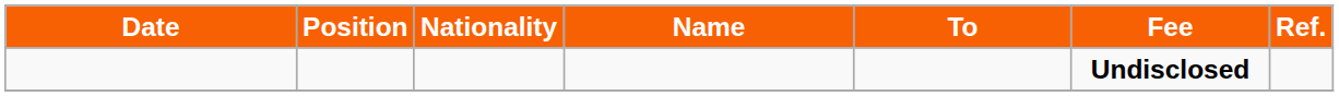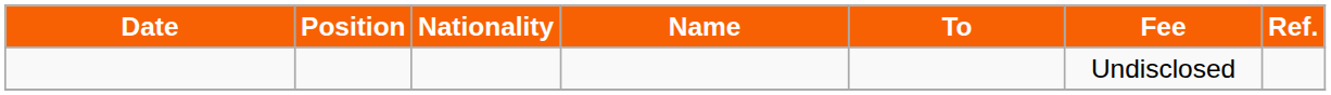 <table class="wikitable"  style="text-align:center; font-size:90%; ">
 <tr>
 <th style="background:#F86103; color:white; width:150px;">Date</th>
 <th style="background:#F86103; color:white; width:50px;">Position</th>
 <th style="background:#F86103; color:white; width:50px;">Nationality</th>
 <th style="background:#F86103; color:white; width:150px;">Name</th>
 <th style="background:#F86103; color:white; width:110px;">To</th>
 <th style="background:#F86103; color:white; width:100px;">Fee</th>
 <th style="background:#F86103; color:white; width:25px;">Ref.</th>
 </tr>
 <tr>
 <td></td>
 <td></td>
 <td></td>
 <td></td>
 <td></td>
-<td><strong>Undisclosed</strong></td>
+<td>Undisclosed</td>
 <td></td>
 </tr>
 <tr>
 </tr>
 </table>
